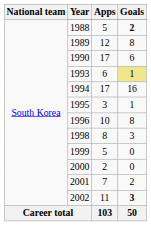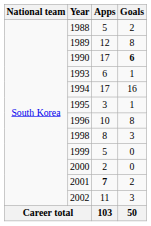 <table class="wikitable" style="text-align:center">
 <tr>
 <th>National team</th>
 <th>Year</th>
 <th>Apps</th>
 <th>Goals</th>
 </tr>
 <tr>
 <td rowspan=13><a href='#'>South Korea</a></td>
 </tr>
 <tr>
 <td>1988</td>
 <td>5</td>
-<td><strong>2</strong></td>
+<td>2</td>
 </tr>
 <tr>
 <td>1989</td>
 <td>12</td>
 <td>8</td>
 </tr>
 <tr>
 <td>1990</td>
 <td>17</td>
-<td>6</td>
+<td><strong>6</strong></td>
 </tr>
 <tr>
 <td>1993</td>
 <td>6</td>
-<td style="background: khaki;">1</td>
+<td>1</td>
 </tr>
 <tr>
 <td>1994</td>
 <td>17</td>
 <td>16</td>
 </tr>
 <tr>
 <td>1995</td>
 <td>3</td>
 <td>1</td>
 </tr>
 <tr>
 <td>1996</td>
 <td>10</td>
 <td>8</td>
 </tr>
 <tr>
 <td>1998</td>
 <td>8</td>
 <td>3</td>
 </tr>
 <tr>
 <td>1999</td>
 <td>5</td>
 <td>0</td>
 </tr>
 <tr>
 <td>2000</td>
 <td>2</td>
 <td>0</td>
 </tr>
 <tr>
 <td>2001</td>
-<td>7</td>
+<td><strong>7</strong></td>
 <td>2</td>
 </tr>
 <tr>
 <td>2002</td>
 <td>11</td>
-<td><strong>3</strong></td>
+<td>3</td>
 </tr>
 <tr>
 <th colspan=2>Career total</th>
 <th>103</th>
 <th>50</th>
 </tr>
 </table>
